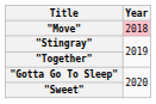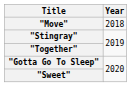 <table class="wikitable plainrowheaders" style="text-align:center;">
 <tr>
 <th scope="col" style="width:12em;">Title</th>
 <th scope="col">Year</th>
 </tr>
 <tr>
 <th scope="row">"Move"</th>
-<td style="background: pink;">2018</td>
+<td>2018</td>
 </tr>
 <tr>
 <th scope="row">"Stingray"</th>
 <td rowspan="2">2019</td>
 </tr>
 <tr>
 <th scope="row">"Together"</th>
 </tr>
 <tr>
 <th scope="row">"Gotta Go To Sleep"</th>
 <td rowspan="2">2020</td>
 </tr>
 <tr>
 <th scope="row">"Sweet"</th>
 </tr>
 </table>
